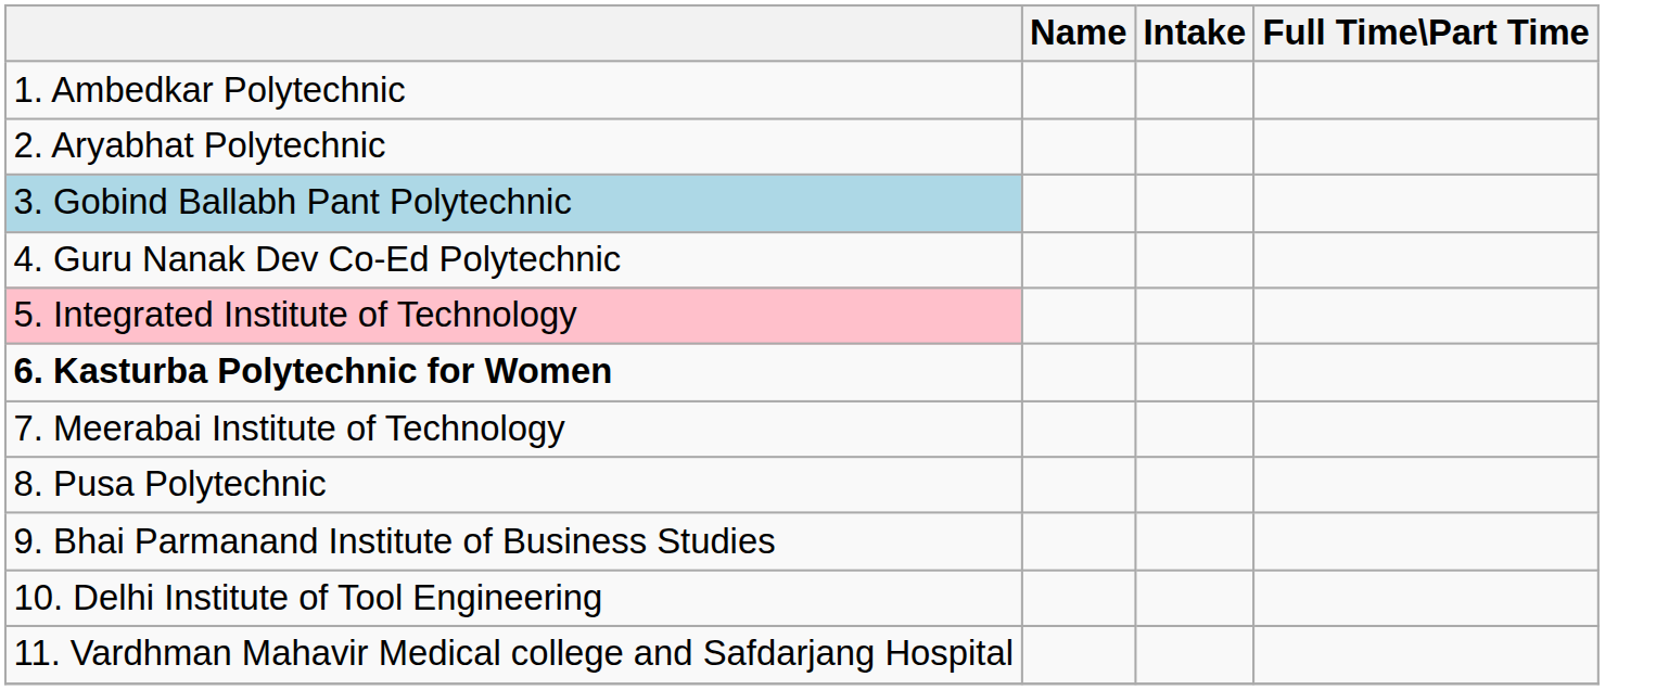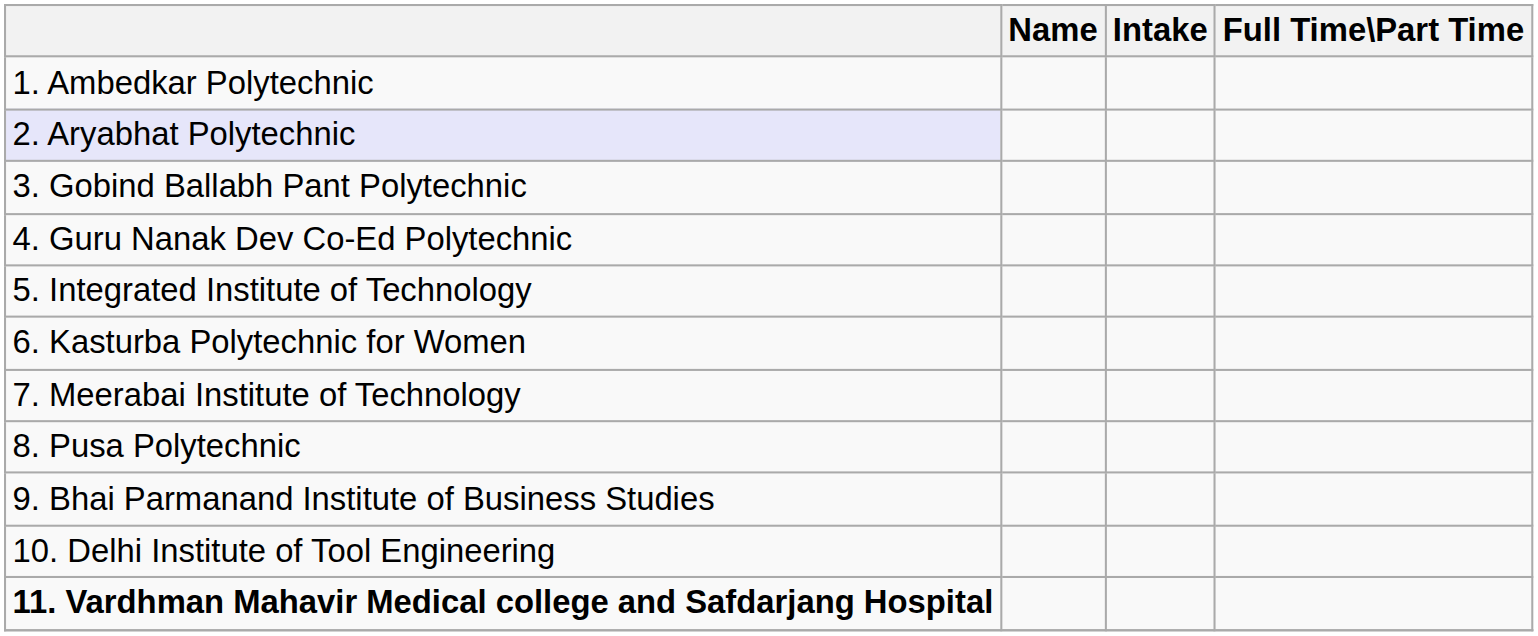 <table class="wikitable">
 <tr>
 <th></th>
 <th>Name</th>
 <th>Intake</th>
 <th>Full Time\Part Time</th>
 </tr>
 <tr>
 <td>1. Ambedkar Polytechnic</td>
 <td></td>
 <td></td>
 <td></td>
 </tr>
 <tr>
-<td>2. Aryabhat Polytechnic</td>
+<td style="background: lavender;">2. Aryabhat Polytechnic</td>
 <td></td>
 <td></td>
 <td></td>
 </tr>
 <tr>
-<td style="background: lightblue;">3. Gobind Ballabh Pant Polytechnic</td>
+<td>3. Gobind Ballabh Pant Polytechnic</td>
 <td></td>
 <td></td>
 <td></td>
 </tr>
 <tr>
 <td>4. Guru Nanak Dev Co-Ed Polytechnic</td>
 <td></td>
 <td></td>
 <td></td>
 </tr>
 <tr>
-<td style="background: pink;">5. Integrated Institute of Technology</td>
+<td>5. Integrated Institute of Technology</td>
 <td></td>
 <td></td>
 <td></td>
 </tr>
 <tr>
-<td><strong>6. Kasturba Polytechnic for Women</strong></td>
+<td>6. Kasturba Polytechnic for Women</td>
 <td></td>
 <td></td>
 <td></td>
 </tr>
 <tr>
 <td>7. Meerabai Institute of Technology</td>
 <td></td>
 <td></td>
 <td></td>
 </tr>
 <tr>
 <td>8. Pusa Polytechnic</td>
 <td></td>
 <td></td>
 <td></td>
 </tr>
 <tr>
 <td>9. Bhai Parmanand Institute of Business Studies</td>
 <td></td>
 <td></td>
 <td></td>
 </tr>
 <tr>
 <td>10. Delhi Institute of Tool Engineering</td>
 <td></td>
 <td></td>
 <td></td>
 </tr>
 <tr>
-<td>11. Vardhman Mahavir Medical college and Safdarjang Hospital</td>
+<td><strong>11. Vardhman Mahavir Medical college and Safdarjang Hospital</strong></td>
 <td></td>
 <td></td>
 <td></td>
 </tr>
 <tr>
 </tr>
 </table>
